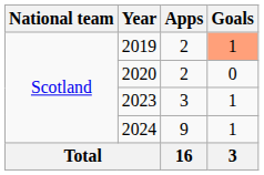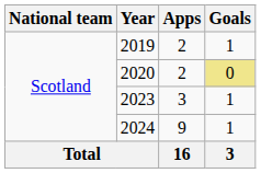 <table class=wikitable style="text-align: center">
 <tr>
 <th>National team</th>
 <th>Year</th>
 <th>Apps</th>
 <th>Goals</th>
 </tr>
 <tr>
 <td rowspan="4"><a href='#'>Scotland</a></td>
 <td>2019</td>
 <td>2</td>
-<td style="background: lightsalmon;">1</td>
+<td>1</td>
 </tr>
 <tr>
 <td>2020</td>
 <td>2</td>
-<td>0</td>
+<td style="background: khaki;">0</td>
 </tr>
 <tr>
 <td>2023</td>
 <td>3</td>
 <td>1</td>
 </tr>
 <tr>
 <td>2024</td>
 <td>9</td>
 <td>1</td>
 </tr>
 <tr>
 <th colspan="2">Total</th>
 <th>16</th>
 <th>3</th>
 </tr>
 </table>
